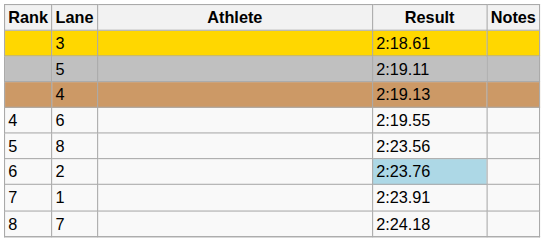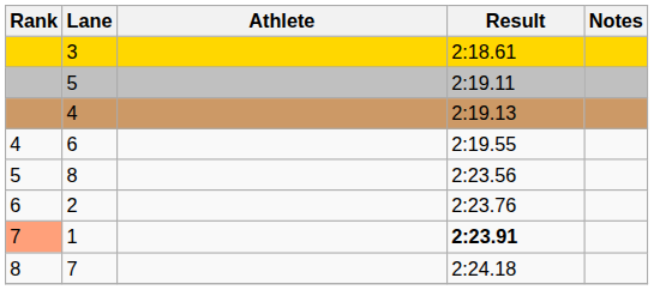 <table class="wikitable" style="font-size:95%" style="width:35em;" style="text-align:center">
 <tr>
 <th>Rank</th>
 <th>Lane</th>
 <th width=250>Athlete</th>
 <th width=100>Result</th>
 <th>Notes</th>
 </tr>
 <tr bgcolor=gold>
 <td></td>
 <td>3</td>
 <td align=left></td>
 <td>2:18.61</td>
 <td></td>
 </tr>
 <tr bgcolor=silver>
 <td></td>
 <td>5</td>
 <td align=left></td>
 <td>2:19.11</td>
 <td></td>
 </tr>
 <tr bgcolor=cc9966>
 <td></td>
 <td>4</td>
 <td align=left></td>
 <td>2:19.13</td>
 <td></td>
 </tr>
 <tr>
 <td>4</td>
 <td>6</td>
 <td align=left></td>
 <td>2:19.55</td>
 <td></td>
 </tr>
 <tr>
 <td>5</td>
 <td>8</td>
 <td align=left></td>
 <td>2:23.56</td>
 <td></td>
 </tr>
 <tr>
 <td>6</td>
 <td>2</td>
 <td align=left></td>
-<td style="background: lightblue;">2:23.76</td>
+<td>2:23.76</td>
 <td></td>
 </tr>
 <tr>
-<td>7</td>
+<td style="background: lightsalmon;">7</td>
 <td>1</td>
 <td align=left></td>
-<td>2:23.91</td>
+<td><strong>2:23.91</strong></td>
 <td></td>
 </tr>
 <tr>
 <td>8</td>
 <td>7</td>
 <td align=left></td>
 <td>2:24.18</td>
 <td></td>
 </tr>
 <tr>
 </tr>
 </table>
